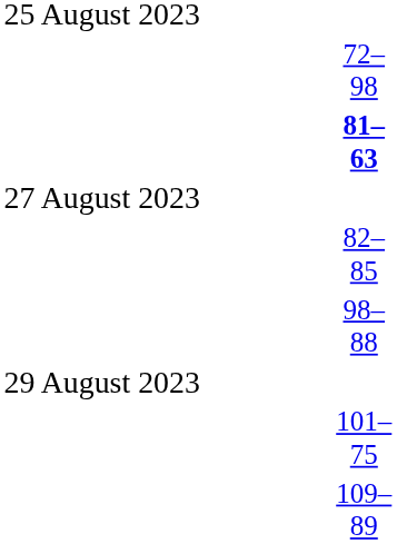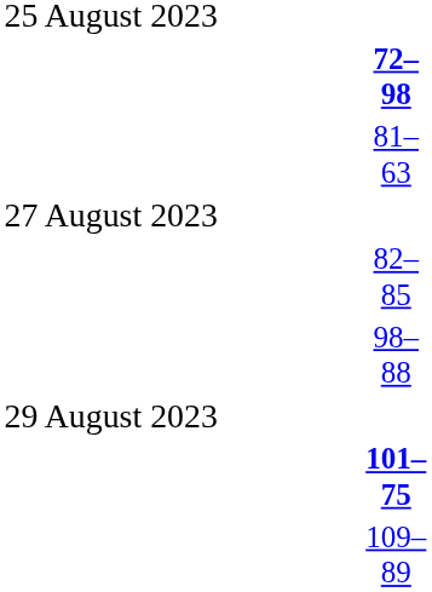 <table style="width:100%;" cellspacing="1">
 <tr>
 <th width=25%></th>
 <th width=2%></th>
 <th width=6%></th>
 <th width=2%></th>
 <th width=25%></th>
 </tr>
 <tr>
 <td>25 August 2023</td>
 </tr>
 <tr style=font-size:90%>
 <td align=right></td>
 <td></td>
-<td align=center><a href='#'>72–98</a></td>
+<td align=center><strong><a href='#'>72–98</a></strong></td>
 <td></td>
 <td></td>
 <td></td>
 </tr>
 <tr style=font-size:90%>
 <td align=right></td>
 <td></td>
-<td align=center><strong><a href='#'>81–63</a></strong></td>
+<td align=center><a href='#'>81–63</a></td>
 <td></td>
 <td></td>
 <td></td>
 </tr>
 <tr>
 <td>27 August 2023</td>
 </tr>
 <tr style=font-size:90%>
 <td align=right></td>
 <td></td>
 <td align=center><a href='#'>82–85</a></td>
 <td></td>
 <td></td>
 <td></td>
 </tr>
 <tr style=font-size:90%>
 <td align=right></td>
 <td></td>
 <td align=center><a href='#'>98–88</a></td>
 <td></td>
 <td></td>
 <td></td>
 </tr>
 <tr>
 <td>29 August 2023</td>
 </tr>
 <tr style=font-size:90%>
 <td align=right></td>
 <td></td>
-<td align=center><a href='#'>101–75</a></td>
+<td align=center><strong><a href='#'>101–75</a></strong></td>
 <td></td>
 <td></td>
 <td></td>
 </tr>
 <tr style=font-size:90%>
 <td align=right></td>
 <td></td>
 <td align=center><a href='#'>109–89</a></td>
 <td></td>
 <td></td>
 <td></td>
 </tr>
 </table>
